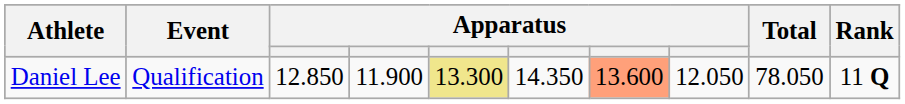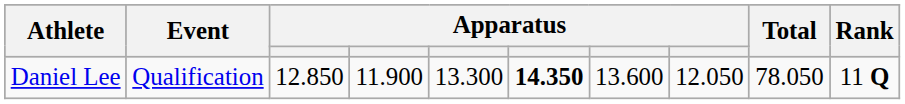 <table class="wikitable" style="font-size:90%">
 <tr>
 <th rowspan=2>Athlete</th>
 <th rowspan=2>Event</th>
 <th colspan=6>Apparatus</th>
 <th rowspan=2>Total</th>
 <th rowspan=2>Rank</th>
 </tr>
 <tr style="font-size:95%">
 <th></th>
 <th></th>
 <th></th>
 <th></th>
 <th></th>
 <th></th>
 </tr>
 <tr align=center>
 <td align=left><a href='#'>Daniel Lee</a></td>
 <td align=left><a href='#'>Qualification</a></td>
 <td>12.850</td>
 <td>11.900</td>
-<td style="background: khaki;">13.300</td>
-<td>14.350</td>
-<td style="background: lightsalmon;">13.600</td>
+<td>13.300</td>
+<td><strong>14.350</strong></td>
+<td>13.600</td>
 <td>12.050</td>
 <td>78.050</td>
 <td>11 <strong>Q</strong></td>
 </tr>
 </table>
